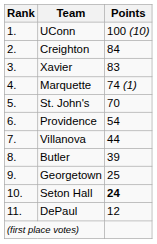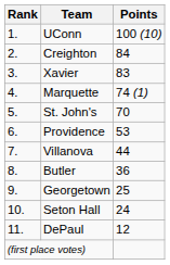 <table class="wikitable">
 <tr>
 <th>Rank</th>
 <th>Team</th>
 <th>Points</th>
 </tr>
 <tr>
 <td>1.</td>
 <td !>UConn</td>
 <td>100 <em>(10)</em></td>
 </tr>
 <tr>
 <td>2.</td>
 <td !>Creighton</td>
 <td>84</td>
 </tr>
 <tr>
 <td>3.</td>
 <td !>Xavier</td>
 <td>83</td>
 </tr>
 <tr>
 <td>4.</td>
 <td !>Marquette</td>
 <td>74 <em>(1)</em></td>
 </tr>
 <tr>
 <td>5.</td>
 <td !>St. John's</td>
 <td>70</td>
 </tr>
 <tr>
 <td>6.</td>
 <td !>Providence</td>
-<td>54</td>
+<td>53</td>
 </tr>
 <tr>
 <td>7.</td>
 <td !>Villanova</td>
 <td>44</td>
 </tr>
 <tr>
 <td>8.</td>
 <td !>Butler</td>
-<td>39</td>
+<td>36</td>
 </tr>
 <tr>
 <td>9.</td>
 <td !>Georgetown</td>
 <td>25</td>
 </tr>
 <tr>
 <td>10.</td>
 <td !>Seton Hall</td>
-<td><strong>24</strong></td>
+<td>24</td>
 </tr>
 <tr>
 <td>11.</td>
 <td !>DePaul</td>
 <td>12</td>
 </tr>
 <tr>
 <td colspan="2" valign="middle"><small><em>(first place votes)</em></small></td>
 </tr>
 </table>
